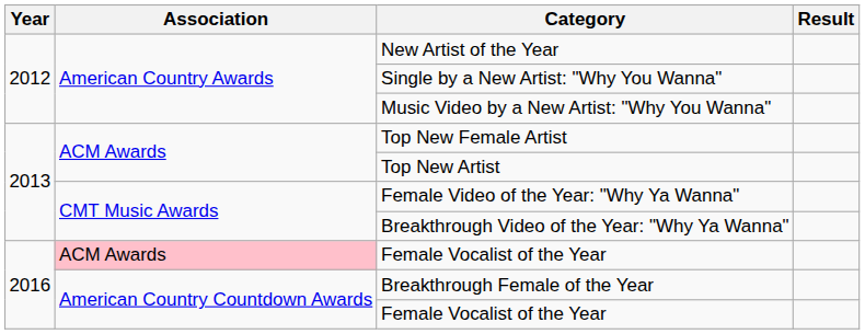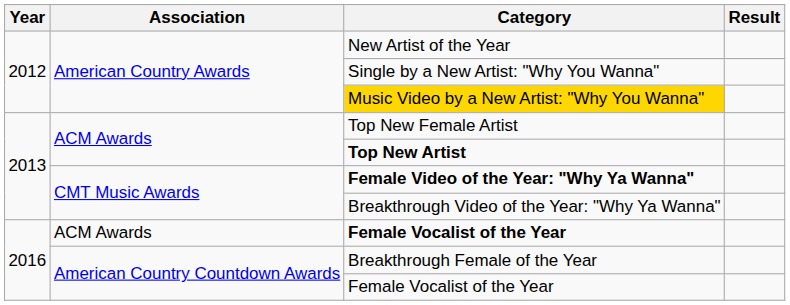 <table class="wikitable sortable">
 <tr>
 <th>Year</th>
 <th>Association</th>
 <th>Category</th>
 <th>Result</th>
 </tr>
 <tr>
 <td rowspan="3">2012</td>
 <td rowspan="3"><a href='#'>American Country Awards</a></td>
 <td>New Artist of the Year</td>
 <td></td>
 </tr>
 <tr>
 <td>Single by a New Artist: "Why You Wanna"</td>
 <td></td>
 </tr>
 <tr>
-<td>Music Video by a New Artist: "Why You Wanna"</td>
+<td style="background: gold;">Music Video by a New Artist: "Why You Wanna"</td>
 <td></td>
 </tr>
 <tr>
 <td rowspan="4">2013</td>
 <td rowspan="2"><a href='#'>ACM Awards</a></td>
 <td>Top New Female Artist</td>
 <td></td>
 </tr>
 <tr>
-<td>Top New Artist</td>
+<td><strong>Top New Artist</strong></td>
 <td></td>
 </tr>
 <tr>
 <td rowspan="2"><a href='#'>CMT Music Awards</a></td>
-<td>Female Video of the Year: "Why Ya Wanna"</td>
+<td><strong>Female Video of the Year: "Why Ya Wanna"</strong></td>
 <td></td>
 </tr>
 <tr>
 <td>Breakthrough Video of the Year: "Why Ya Wanna"</td>
 <td></td>
 </tr>
 <tr>
 <td rowspan="3">2016</td>
-<td style="background: pink;">ACM Awards</td>
-<td>Female Vocalist of the Year</td>
+<td>ACM Awards</td>
+<td><strong>Female Vocalist of the Year</strong></td>
 <td></td>
 </tr>
 <tr>
 <td rowspan="2"><a href='#'>American Country Countdown Awards</a></td>
 <td>Breakthrough Female of the Year</td>
 <td></td>
 </tr>
 <tr>
 <td>Female Vocalist of the Year</td>
 <td></td>
 </tr>
 </table>
